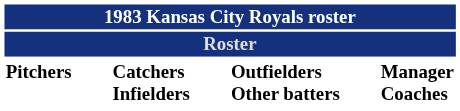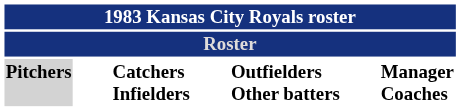 <table class="toccolours" style="font-size: 95%;">
 <tr>
 <th colspan="10" style="background-color: #15317E; color: #FFFFFF; text-align: center;">1983 Kansas City Royals roster</th>
 </tr>
 <tr>
 <td colspan="10" style="background-color: #15317E; color: #DFDCDA; text-align: center;"><strong>Roster</strong></td>
 </tr>
 <tr>
-<td valign="top"><strong>Pitchers</strong><br>                </td>
+<td valign="top" style="background: lightgrey;"><strong>Pitchers</strong><br>                </td>
 <td width="25px"></td>
 <td valign="top"><strong>Catchers</strong><br>  <strong>Infielders</strong>          </td>
 <td width="25px"></td>
 <td valign="top"><strong>Outfielders</strong><br>        <strong>Other batters</strong> </td>
 <td width="25px"></td>
 <td valign="top"><strong>Manager</strong><br> <strong>Coaches</strong>     </td>
 </tr>
 <tr>
 </tr>
 </table>
